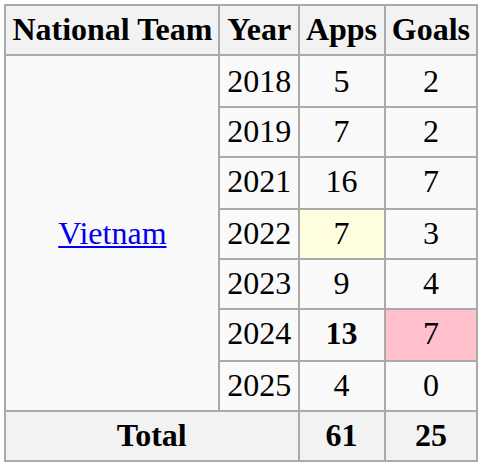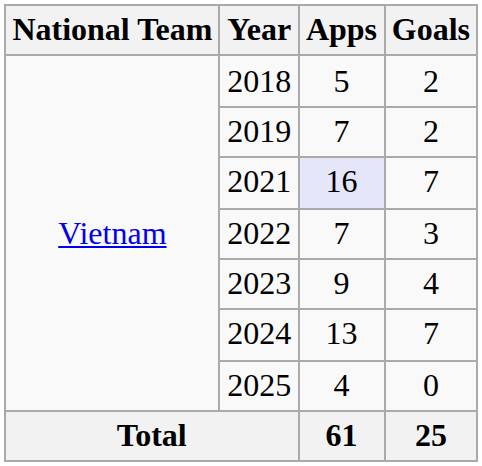 <table class="wikitable" style="text-align:center">
 <tr>
 <th>National Team</th>
 <th>Year</th>
 <th>Apps</th>
 <th>Goals</th>
 </tr>
 <tr>
 <td rowspan="7"><a href='#'>Vietnam</a></td>
 <td>2018</td>
 <td>5</td>
 <td>2</td>
 </tr>
 <tr>
 <td>2019</td>
 <td>7</td>
 <td>2</td>
 </tr>
 <tr>
 <td>2021</td>
-<td>16</td>
+<td style="background: lavender;">16</td>
 <td>7</td>
 </tr>
 <tr>
 <td>2022</td>
-<td style="background: lightyellow;">7</td>
+<td>7</td>
 <td>3</td>
 </tr>
 <tr>
 <td>2023</td>
 <td>9</td>
 <td>4</td>
 </tr>
 <tr>
 <td>2024</td>
-<td><strong>13</strong></td>
-<td style="background: pink;">7</td>
+<td>13</td>
+<td>7</td>
 </tr>
 <tr>
 <td>2025</td>
 <td>4</td>
 <td>0</td>
 </tr>
 <tr>
 <th colspan=2>Total</th>
 <th>61</th>
 <th>25</th>
 </tr>
 </table>
